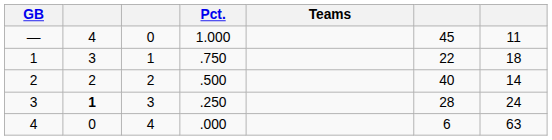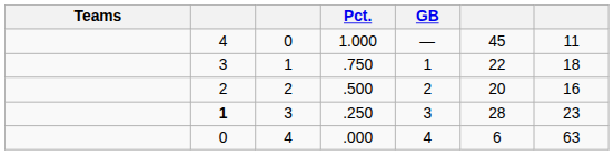 <table class="wikitable" width="50%" style="text-align:center;">
 <tr>
-<th width="7%"><a href='#'>GB</a></th>
+<th width="20%">Teams</th>
 <th width="7%"></th>
 <th width="7%"></th>
 <th width="8%"><a href='#'>Pct.</a></th>
-<th width="20%">Teams</th>
+<th width="7%"><a href='#'>GB</a></th>
 <th width="8%"></th>
 <th width="8%"></th>
 </tr>
 <tr>
-<td>—</td>
+<td align=left></td>
 <td>4</td>
 <td>0</td>
 <td>1.000</td>
-<td align=left></td>
+<td>—</td>
 <td>45</td>
 <td>11</td>
 </tr>
 <tr>
-<td>1</td>
+<td align=left></td>
 <td>3</td>
 <td>1</td>
 <td>.750</td>
-<td align=left></td>
+<td>1</td>
 <td>22</td>
 <td>18</td>
 </tr>
 <tr>
-<td>2</td>
+<td align=left></td>
 <td>2</td>
 <td>2</td>
 <td>.500</td>
-<td align=left></td>
-<td>40</td>
-<td>14</td>
+<td>2</td>
+<td>20</td>
+<td>16</td>
 </tr>
 <tr>
-<td>3</td>
+<td align=left></td>
 <td><strong>1</strong></td>
 <td>3</td>
 <td>.250</td>
-<td align=left></td>
+<td>3</td>
 <td>28</td>
-<td>24</td>
+<td>23</td>
 </tr>
 <tr>
-<td>4</td>
+<td align=left></td>
 <td>0</td>
 <td>4</td>
 <td>.000</td>
-<td align=left></td>
+<td>4</td>
 <td>6</td>
 <td>63</td>
 </tr>
 </table>
